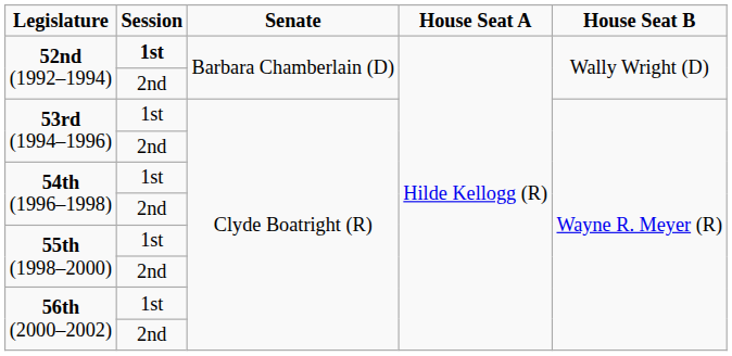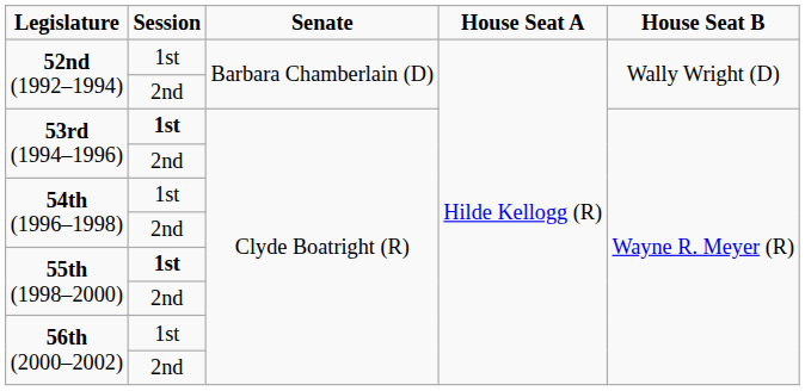 <table class=wikitable style="text-align:center">
 <tr>
 <td><strong>Legislature</strong></td>
 <td><strong>Session</strong></td>
 <td><strong>Senate</strong></td>
 <td><strong>House Seat A</strong></td>
 <td><strong>House Seat B</strong></td>
 </tr>
 <tr>
 <td rowspan="2" colspan="1" style="text-align: center;"><strong>52nd</strong> <br> (1992–1994)</td>
-<td><strong>1st</strong></td>
+<td>1st</td>
 <td rowspan="2" colspan="1" style="text-align: center;" >Barbara Chamberlain (D)</td>
 <td rowspan="10" colspan="1" style="text-align: center;" ><a href='#'>Hilde Kellogg</a> (R)</td>
 <td rowspan="2" colspan="1" style="text-align: center;" >Wally Wright (D)</td>
 </tr>
 <tr>
 <td>2nd</td>
 </tr>
 <tr>
 <td rowspan="2" colspan="1" style="text-align: center;"><strong>53rd</strong> <br> (1994–1996)</td>
-<td>1st</td>
+<td><strong>1st</strong></td>
 <td rowspan="8" colspan="1" style="text-align: center;" >Clyde Boatright (R)</td>
 <td rowspan="8" colspan="1" style="text-align: center;" ><a href='#'>Wayne R. Meyer</a> (R)</td>
 </tr>
 <tr>
 <td>2nd</td>
 </tr>
 <tr>
 <td rowspan="2" colspan="1" style="text-align: center;"><strong>54th</strong> <br> (1996–1998)</td>
 <td>1st</td>
 </tr>
 <tr>
 <td>2nd</td>
 </tr>
 <tr>
 <td rowspan="2" colspan="1" style="text-align: center;"><strong>55th</strong> <br> (1998–2000)</td>
-<td>1st</td>
+<td><strong>1st</strong></td>
 </tr>
 <tr>
 <td>2nd</td>
 </tr>
 <tr>
 <td rowspan="2" colspan="1" style="text-align: center;"><strong>56th</strong> <br> (2000–2002)</td>
 <td>1st</td>
 </tr>
 <tr>
 <td>2nd</td>
 </tr>
 </table>
